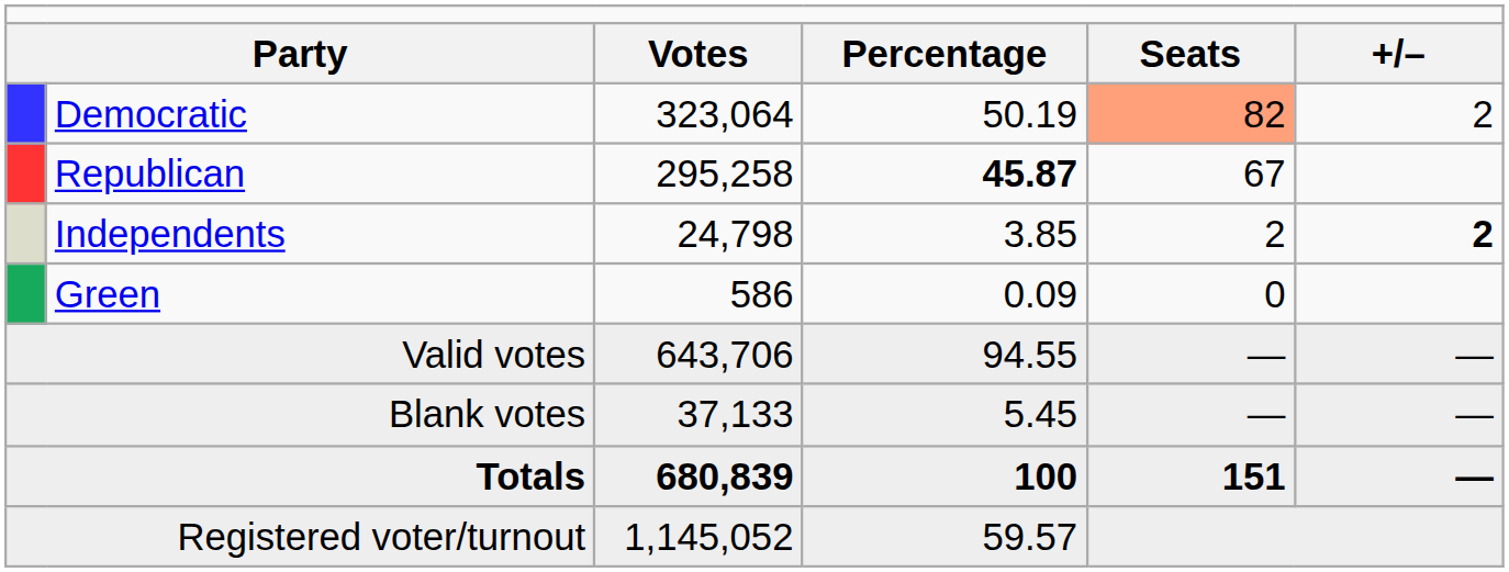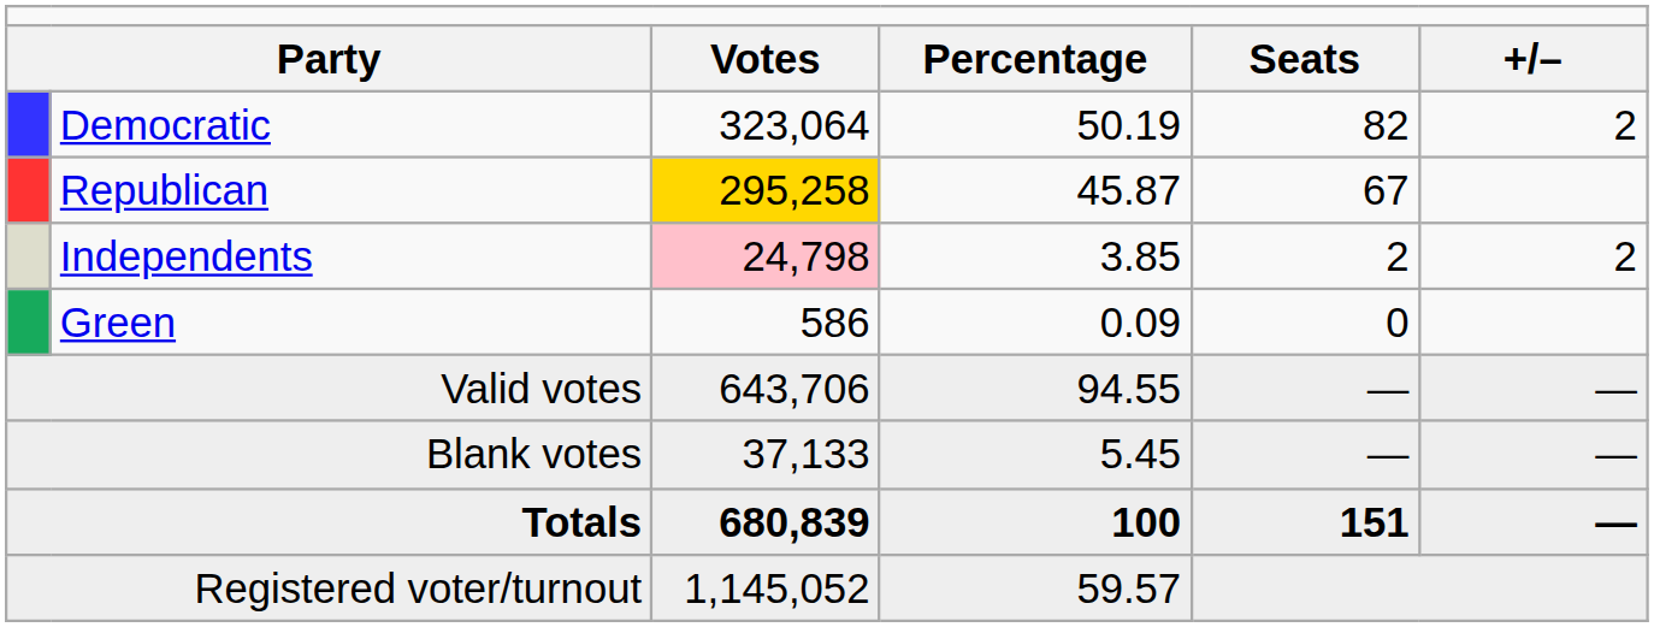 <table class="wikitable" style="font-size:95%;">
 <tr>
 <td colspan="8" align="center"></td>
 </tr>
 <tr>
 <th colspan=2 style="width: 15em">Party</th>
 <th style="width: 5em">Votes</th>
 <th style="width: 7em">Percentage</th>
 <th style="width: 5em">Seats</th>
 <th style="width: 5em">+/–</th>
 </tr>
 <tr>
 <th style="background-color:#33F; width: 3px"></th>
 <td style="width: 130px"><a href='#'>Democratic</a></td>
 <td align="right">323,064</td>
 <td align="right">50.19</td>
-<td align="right" style="background: lightsalmon;">82</td>
+<td align="right">82</td>
 <td align="right"> 2</td>
 </tr>
 <tr>
 <th style="background-color:#F33; width: 3px"></th>
 <td style="width: 130px"><a href='#'>Republican</a></td>
-<td align="right">295,258</td>
-<td align="right"><strong>45.87</strong></td>
+<td align="right" style="background: gold;">295,258</td>
+<td align="right">45.87</td>
 <td align="right">67</td>
 <td align="right"></td>
 </tr>
 <tr>
 <th style="background-color:#DDDDCC; width: 3px"></th>
 <td style="width: 130px"><a href='#'>Independents</a></td>
-<td align="right">24,798</td>
+<td align="right" style="background: pink;">24,798</td>
 <td align="right">3.85</td>
 <td align="right">2</td>
-<td align="right"><strong> 2</strong></td>
+<td align="right"> 2</td>
 </tr>
 <tr>
 <th style="background-color:#17aa5c; width: 3px"></th>
 <td style="width: 130px"><a href='#'>Green</a></td>
 <td align="right">586</td>
 <td align="right">0.09</td>
 <td align="right">0</td>
 <td align="right"></td>
 </tr>
 <tr bgcolor="#EEEEEE">
 <td colspan="2" align="right">Valid votes</td>
 <td align="right">643,706</td>
 <td align="right">94.55</td>
 <td align="right">—</td>
 <td align="right">—</td>
 </tr>
 <tr bgcolor="#EEEEEE">
 <td colspan="2" align="right">Blank votes</td>
 <td align="right">37,133</td>
 <td align="right">5.45</td>
 <td align="right">—</td>
 <td align="right">—</td>
 </tr>
 <tr bgcolor="#EEEEEE">
 <td colspan="2" align="right"><strong>Totals</strong></td>
 <td align="right"><strong>680,839</strong></td>
 <td align="right"><strong>100</strong></td>
 <td align="right"><strong>151</strong></td>
 <td align="right"><strong>—</strong></td>
 </tr>
 <tr bgcolor="#EEEEEE">
 <td colspan="2" align="right">Registered voter/turnout</td>
 <td align="right">1,145,052</td>
 <td align="right">59.57</td>
 <td colspan="2" align="right"></td>
 </tr>
 </table>
